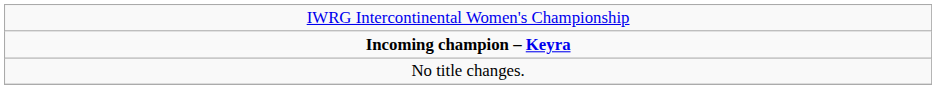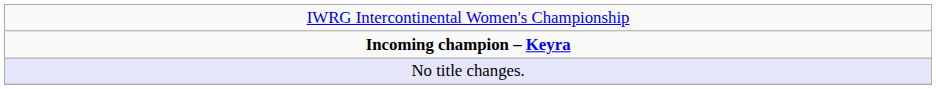 <table class="wikitable" style="text-align:center; width:100%;">
 <tr>
 <td colspan="4" style="text-align: center;"><a href='#'>IWRG Intercontinental Women's Championship</a></td>
 </tr>
 <tr>
 <td colspan="4" style="text-align: center;"><strong>Incoming champion – <a href='#'>Keyra</a></strong></td>
 </tr>
 <tr>
-<td>No title changes.</td>
+<td style="background: lavender;">No title changes.</td>
 </tr>
 <tr>
 </tr>
 </table>
